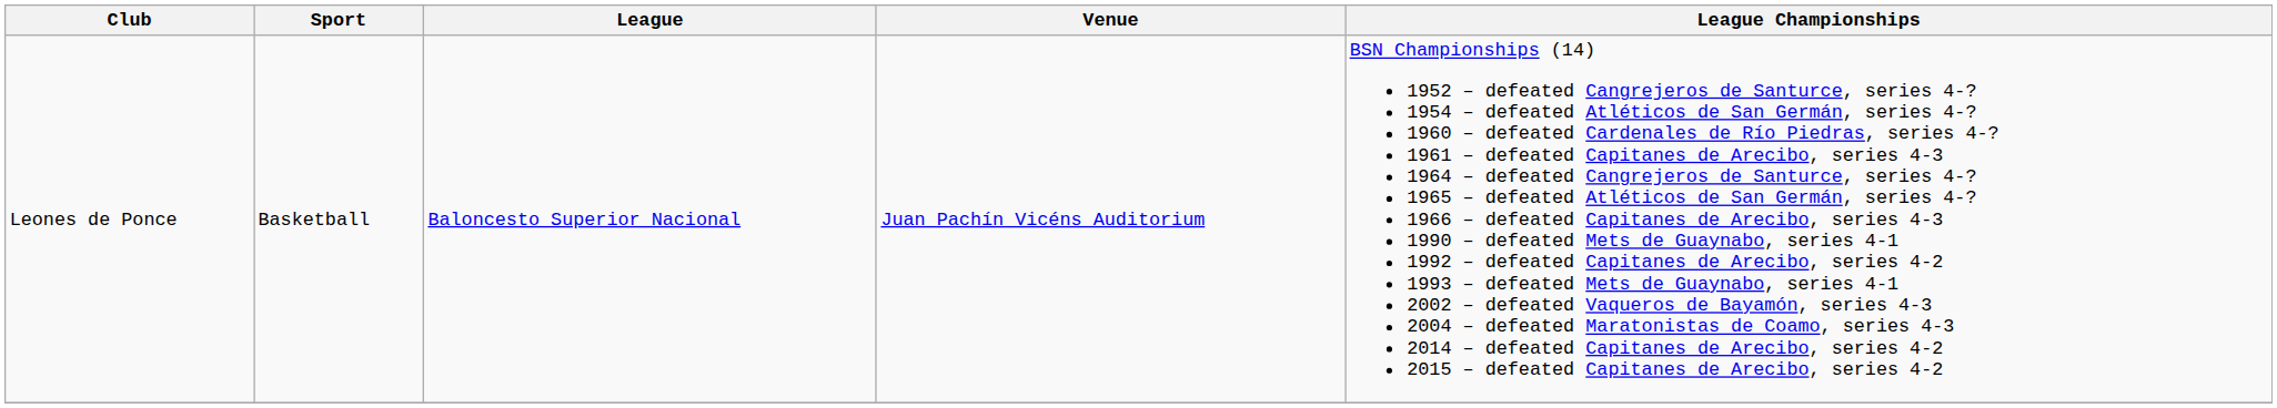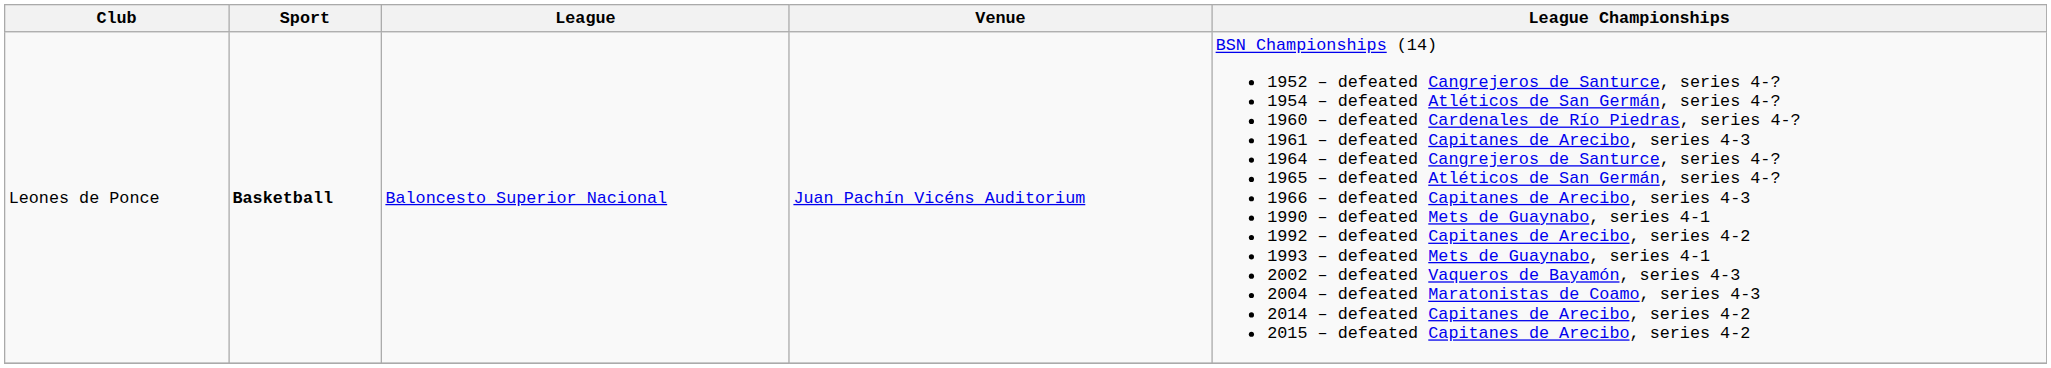 <table class="wikitable" style="margin:0 auto; width:100%;">
 <tr>
 <th>Club</th>
 <th>Sport</th>
 <th>League</th>
 <th>Venue</th>
 <th>League Championships</th>
 </tr>
 <tr>
 <td>Leones de Ponce</td>
-<td>Basketball</td>
+<td><strong>Basketball</strong></td>
 <td><a href='#'>Baloncesto Superior Nacional</a></td>
 <td><a href='#'>Juan Pachín Vicéns Auditorium</a></td>
 <td><a href='#'>BSN Championships</a> (14)<br><ul><li>1952 – defeated <a href='#'>Cangrejeros de Santurce</a>, series 4-?</li><li>1954 – defeated <a href='#'>Atléticos de San Germán</a>, series 4-?</li><li>1960 – defeated <a href='#'>Cardenales de Río Piedras</a>, series 4-?</li><li>1961 – defeated <a href='#'>Capitanes de Arecibo</a>, series 4-3</li><li>1964 – defeated <a href='#'>Cangrejeros de Santurce</a>, series 4-?</li><li>1965 – defeated <a href='#'>Atléticos de San Germán</a>, series 4-?</li><li>1966 – defeated <a href='#'>Capitanes de Arecibo</a>, series 4-3</li><li>1990 – defeated <a href='#'>Mets de Guaynabo</a>, series 4-1</li><li>1992 – defeated <a href='#'>Capitanes de Arecibo</a>, series 4-2</li><li>1993 – defeated <a href='#'>Mets de Guaynabo</a>, series 4-1</li><li>2002 – defeated <a href='#'>Vaqueros de Bayamón</a>, series 4-3</li><li>2004 – defeated <a href='#'>Maratonistas de Coamo</a>, series 4-3</li><li>2014 – defeated <a href='#'>Capitanes de Arecibo</a>, series 4-2</li><li>2015 – defeated <a href='#'>Capitanes de Arecibo</a>, series 4-2</li></ul></td>
 </tr>
 <tr>
 </tr>
 </table>
